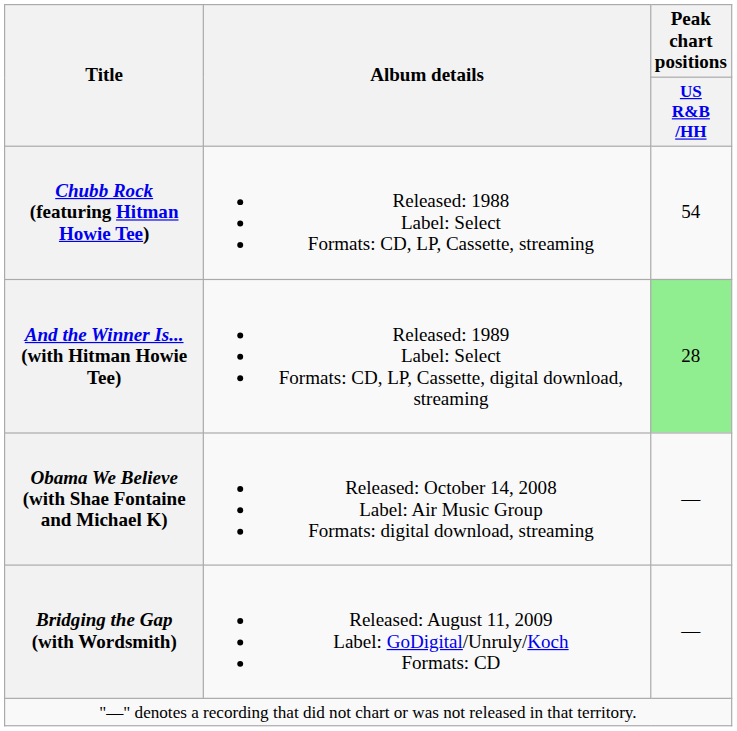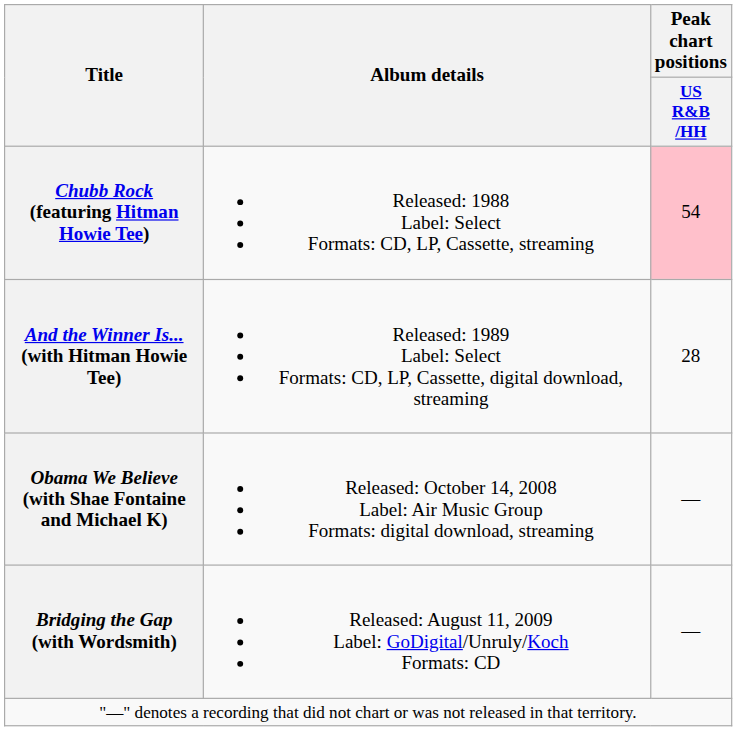 <table class="wikitable plainrowheaders" style="text-align:center;">
 <tr>
 <th scope="col" rowspan="2" style="width:10em;">Title</th>
 <th scope="col" rowspan="2" style="width:23em;">Album details</th>
 <th scope="col" colspan="1">Peak chart positions</th>
 </tr>
 <tr>
 <th scope="col" style="width:3em;font-size:90%;"><a href='#'>US<br>R&B<br>/HH</a><br></th>
 </tr>
 <tr>
 <th scope="row"><em><a href='#'>Chubb Rock</a></em><br><span>(featuring <a href='#'>Hitman Howie Tee</a>)</span></th>
 <td><br><ul><li>Released: 1988</li><li>Label: Select</li><li>Formats: CD, LP, Cassette, streaming</li></ul></td>
-<td style="text-align:center;">54</td>
+<td style="background: pink; text-align:center;">54</td>
 </tr>
 <tr>
 <th scope="row"><em><a href='#'>And the Winner Is...</a></em><br><span>(with Hitman Howie Tee)</span></th>
 <td><br><ul><li>Released: 1989</li><li>Label: Select</li><li>Formats: CD, LP, Cassette, digital download, streaming</li></ul></td>
-<td style="background: lightgreen; text-align:center;">28</td>
+<td style="text-align:center;">28</td>
 </tr>
 <tr>
 <th scope="row"><em>Obama We Believe</em><br><span>(with Shae Fontaine and Michael K)</span></th>
 <td><br><ul><li>Released: October 14, 2008</li><li>Label: Air Music Group</li><li>Formats: digital download, streaming</li></ul></td>
 <td style="text-align:center;">—</td>
 </tr>
 <tr>
 <th scope="row"><em>Bridging the Gap</em><br><span>(with Wordsmith)</span></th>
 <td><br><ul><li>Released: August 11, 2009</li><li>Label: <a href='#'>GoDigital</a>/Unruly/<a href='#'>Koch</a></li><li>Formats: CD</li></ul></td>
 <td style="text-align:center;">—</td>
 </tr>
 <tr>
 <td colspan="4" style="font-size:90%">"—" denotes a recording that did not chart or was not released in that territory.</td>
 </tr>
 </table>
